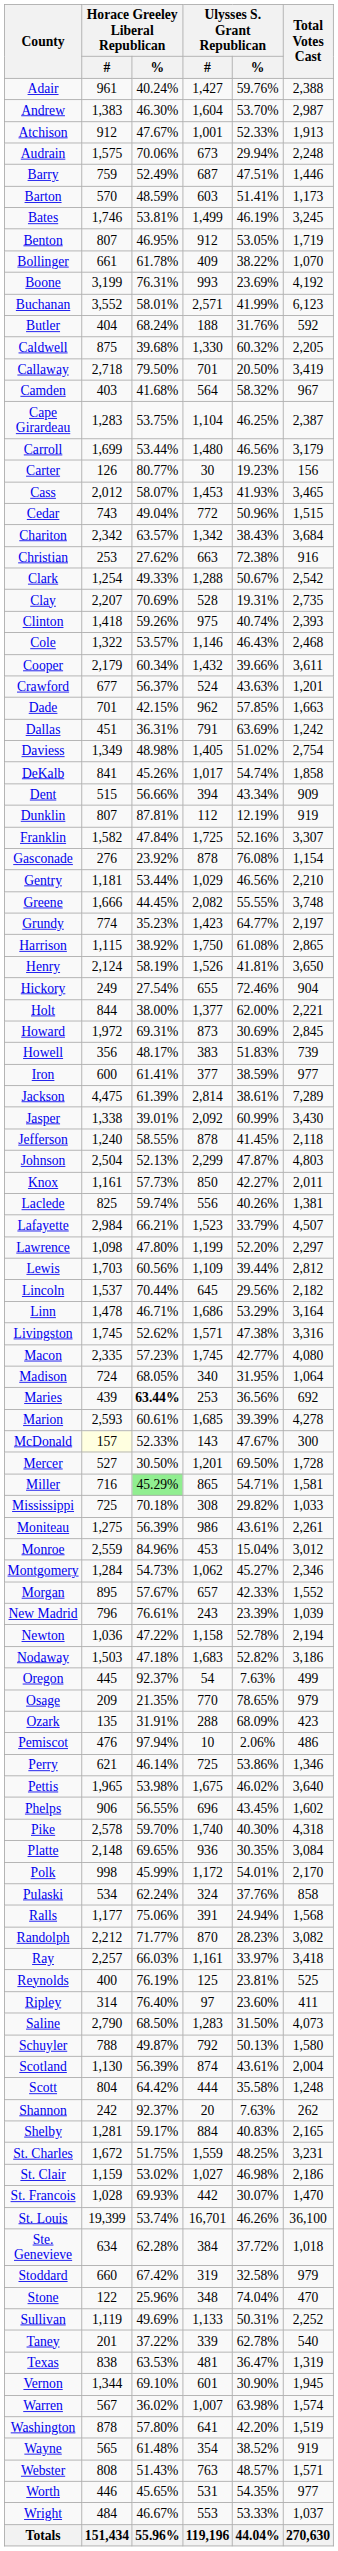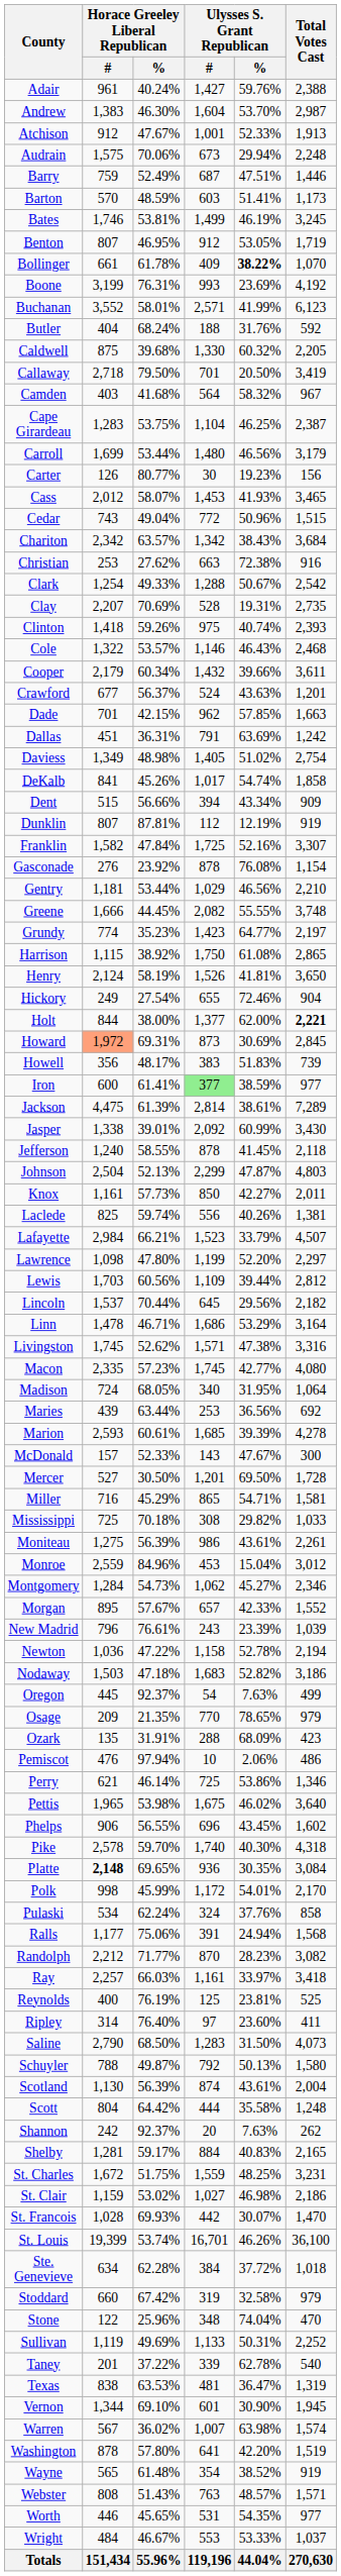 <table class="wikitable sortable" width="60%">
 <tr>
 <th rowspan="2">County</th>
 <th colspan="2">Horace Greeley<br>Liberal Republican</th>
 <th colspan="2">Ulysses S. Grant<br>Republican</th>
 <th rowspan="2">Total Votes Cast</th>
 </tr>
 <tr>
 <th data-sort-type="number" style="text-align:center;">#</th>
 <th data-sort-type="number" style="text-align:center;">%</th>
 <th data-sort-type="number" style="text-align:center;">#</th>
 <th data-sort-type="number" style="text-align:center;">%</th>
 </tr>
 <tr style="text-align:center;">
 <td><a href='#'>Adair</a></td>
 <td>961</td>
 <td>40.24%</td>
 <td>1,427</td>
 <td>59.76%</td>
 <td>2,388</td>
 </tr>
 <tr style="text-align:center;">
 <td><a href='#'>Andrew</a></td>
 <td>1,383</td>
 <td>46.30%</td>
 <td>1,604</td>
 <td>53.70%</td>
 <td>2,987</td>
 </tr>
 <tr style="text-align:center;">
 <td><a href='#'>Atchison</a></td>
 <td>912</td>
 <td>47.67%</td>
 <td>1,001</td>
 <td>52.33%</td>
 <td>1,913</td>
 </tr>
 <tr style="text-align:center;">
 <td><a href='#'>Audrain</a></td>
 <td>1,575</td>
 <td>70.06%</td>
 <td>673</td>
 <td>29.94%</td>
 <td>2,248</td>
 </tr>
 <tr style="text-align:center;">
 <td><a href='#'>Barry</a></td>
 <td>759</td>
 <td>52.49%</td>
 <td>687</td>
 <td>47.51%</td>
 <td>1,446</td>
 </tr>
 <tr style="text-align:center;">
 <td><a href='#'>Barton</a></td>
 <td>570</td>
 <td>48.59%</td>
 <td>603</td>
 <td>51.41%</td>
 <td>1,173</td>
 </tr>
 <tr style="text-align:center;">
 <td><a href='#'>Bates</a></td>
 <td>1,746</td>
 <td>53.81%</td>
 <td>1,499</td>
 <td>46.19%</td>
 <td>3,245</td>
 </tr>
 <tr style="text-align:center;">
 <td><a href='#'>Benton</a></td>
 <td>807</td>
 <td>46.95%</td>
 <td>912</td>
 <td>53.05%</td>
 <td>1,719</td>
 </tr>
 <tr style="text-align:center;">
 <td><a href='#'>Bollinger</a></td>
 <td>661</td>
 <td>61.78%</td>
 <td>409</td>
-<td>38.22%</td>
+<td><strong>38.22%</strong></td>
 <td>1,070</td>
 </tr>
 <tr style="text-align:center;">
 <td><a href='#'>Boone</a></td>
 <td>3,199</td>
 <td>76.31%</td>
 <td>993</td>
 <td>23.69%</td>
 <td>4,192</td>
 </tr>
 <tr style="text-align:center;">
 <td><a href='#'>Buchanan</a></td>
 <td>3,552</td>
 <td>58.01%</td>
 <td>2,571</td>
 <td>41.99%</td>
 <td>6,123</td>
 </tr>
 <tr style="text-align:center;">
 <td><a href='#'>Butler</a></td>
 <td>404</td>
 <td>68.24%</td>
 <td>188</td>
 <td>31.76%</td>
 <td>592</td>
 </tr>
 <tr style="text-align:center;">
 <td><a href='#'>Caldwell</a></td>
 <td>875</td>
 <td>39.68%</td>
 <td>1,330</td>
 <td>60.32%</td>
 <td>2,205</td>
 </tr>
 <tr style="text-align:center;">
 <td><a href='#'>Callaway</a></td>
 <td>2,718</td>
 <td>79.50%</td>
 <td>701</td>
 <td>20.50%</td>
 <td>3,419</td>
 </tr>
 <tr style="text-align:center;">
 <td><a href='#'>Camden</a></td>
 <td>403</td>
 <td>41.68%</td>
 <td>564</td>
 <td>58.32%</td>
 <td>967</td>
 </tr>
 <tr style="text-align:center;">
 <td><a href='#'>Cape Girardeau</a></td>
 <td>1,283</td>
 <td>53.75%</td>
 <td>1,104</td>
 <td>46.25%</td>
 <td>2,387</td>
 </tr>
 <tr style="text-align:center;">
 <td><a href='#'>Carroll</a></td>
 <td>1,699</td>
 <td>53.44%</td>
 <td>1,480</td>
 <td>46.56%</td>
 <td>3,179</td>
 </tr>
 <tr style="text-align:center;">
 <td><a href='#'>Carter</a></td>
 <td>126</td>
 <td>80.77%</td>
 <td>30</td>
 <td>19.23%</td>
 <td>156</td>
 </tr>
 <tr style="text-align:center;">
 <td><a href='#'>Cass</a></td>
 <td>2,012</td>
 <td>58.07%</td>
 <td>1,453</td>
 <td>41.93%</td>
 <td>3,465</td>
 </tr>
 <tr style="text-align:center;">
 <td><a href='#'>Cedar</a></td>
 <td>743</td>
 <td>49.04%</td>
 <td>772</td>
 <td>50.96%</td>
 <td>1,515</td>
 </tr>
 <tr style="text-align:center;">
 <td><a href='#'>Chariton</a></td>
 <td>2,342</td>
 <td>63.57%</td>
 <td>1,342</td>
 <td>38.43%</td>
 <td>3,684</td>
 </tr>
 <tr style="text-align:center;">
 <td><a href='#'>Christian</a></td>
 <td>253</td>
 <td>27.62%</td>
 <td>663</td>
 <td>72.38%</td>
 <td>916</td>
 </tr>
 <tr style="text-align:center;">
 <td><a href='#'>Clark</a></td>
 <td>1,254</td>
 <td>49.33%</td>
 <td>1,288</td>
 <td>50.67%</td>
 <td>2,542</td>
 </tr>
 <tr style="text-align:center;">
 <td><a href='#'>Clay</a></td>
 <td>2,207</td>
 <td>70.69%</td>
 <td>528</td>
 <td>19.31%</td>
 <td>2,735</td>
 </tr>
 <tr style="text-align:center;">
 <td><a href='#'>Clinton</a></td>
 <td>1,418</td>
 <td>59.26%</td>
 <td>975</td>
 <td>40.74%</td>
 <td>2,393</td>
 </tr>
 <tr style="text-align:center;">
 <td><a href='#'>Cole</a></td>
 <td>1,322</td>
 <td>53.57%</td>
 <td>1,146</td>
 <td>46.43%</td>
 <td>2,468</td>
 </tr>
 <tr style="text-align:center;">
 <td><a href='#'>Cooper</a></td>
 <td>2,179</td>
 <td>60.34%</td>
 <td>1,432</td>
 <td>39.66%</td>
 <td>3,611</td>
 </tr>
 <tr style="text-align:center;">
 <td><a href='#'>Crawford</a></td>
 <td>677</td>
 <td>56.37%</td>
 <td>524</td>
 <td>43.63%</td>
 <td>1,201</td>
 </tr>
 <tr style="text-align:center;">
 <td><a href='#'>Dade</a></td>
 <td>701</td>
 <td>42.15%</td>
 <td>962</td>
 <td>57.85%</td>
 <td>1,663</td>
 </tr>
 <tr style="text-align:center;">
 <td><a href='#'>Dallas</a></td>
 <td>451</td>
 <td>36.31%</td>
 <td>791</td>
 <td>63.69%</td>
 <td>1,242</td>
 </tr>
 <tr style="text-align:center;">
 <td><a href='#'>Daviess</a></td>
 <td>1,349</td>
 <td>48.98%</td>
 <td>1,405</td>
 <td>51.02%</td>
 <td>2,754</td>
 </tr>
 <tr style="text-align:center;">
 <td><a href='#'>DeKalb</a></td>
 <td>841</td>
 <td>45.26%</td>
 <td>1,017</td>
 <td>54.74%</td>
 <td>1,858</td>
 </tr>
 <tr style="text-align:center;">
 <td><a href='#'>Dent</a></td>
 <td>515</td>
 <td>56.66%</td>
 <td>394</td>
 <td>43.34%</td>
 <td>909</td>
 </tr>
 <tr style="text-align:center;">
 <td><a href='#'>Dunklin</a></td>
 <td>807</td>
 <td>87.81%</td>
 <td>112</td>
 <td>12.19%</td>
 <td>919</td>
 </tr>
 <tr style="text-align:center;">
 <td><a href='#'>Franklin</a></td>
 <td>1,582</td>
 <td>47.84%</td>
 <td>1,725</td>
 <td>52.16%</td>
 <td>3,307</td>
 </tr>
 <tr style="text-align:center;">
 <td><a href='#'>Gasconade</a></td>
 <td>276</td>
 <td>23.92%</td>
 <td>878</td>
 <td>76.08%</td>
 <td>1,154</td>
 </tr>
 <tr style="text-align:center;">
 <td><a href='#'>Gentry</a></td>
 <td>1,181</td>
 <td>53.44%</td>
 <td>1,029</td>
 <td>46.56%</td>
 <td>2,210</td>
 </tr>
 <tr style="text-align:center;">
 <td><a href='#'>Greene</a></td>
 <td>1,666</td>
 <td>44.45%</td>
 <td>2,082</td>
 <td>55.55%</td>
 <td>3,748</td>
 </tr>
 <tr style="text-align:center;">
 <td><a href='#'>Grundy</a></td>
 <td>774</td>
 <td>35.23%</td>
 <td>1,423</td>
 <td>64.77%</td>
 <td>2,197</td>
 </tr>
 <tr style="text-align:center;">
 <td><a href='#'>Harrison</a></td>
 <td>1,115</td>
 <td>38.92%</td>
 <td>1,750</td>
 <td>61.08%</td>
 <td>2,865</td>
 </tr>
 <tr style="text-align:center;">
 <td><a href='#'>Henry</a></td>
 <td>2,124</td>
 <td>58.19%</td>
 <td>1,526</td>
 <td>41.81%</td>
 <td>3,650</td>
 </tr>
 <tr style="text-align:center;">
 <td><a href='#'>Hickory</a></td>
 <td>249</td>
 <td>27.54%</td>
 <td>655</td>
 <td>72.46%</td>
 <td>904</td>
 </tr>
 <tr style="text-align:center;">
 <td><a href='#'>Holt</a></td>
 <td>844</td>
 <td>38.00%</td>
 <td>1,377</td>
 <td>62.00%</td>
-<td>2,221</td>
+<td><strong>2,221</strong></td>
 </tr>
 <tr style="text-align:center;">
 <td><a href='#'>Howard</a></td>
-<td>1,972</td>
+<td style="background: lightsalmon;">1,972</td>
 <td>69.31%</td>
 <td>873</td>
 <td>30.69%</td>
 <td>2,845</td>
 </tr>
 <tr style="text-align:center;">
 <td><a href='#'>Howell</a></td>
 <td>356</td>
 <td>48.17%</td>
 <td>383</td>
 <td>51.83%</td>
 <td>739</td>
 </tr>
 <tr style="text-align:center;">
 <td><a href='#'>Iron</a></td>
 <td>600</td>
 <td>61.41%</td>
-<td>377</td>
+<td style="background: lightgreen;">377</td>
 <td>38.59%</td>
 <td>977</td>
 </tr>
 <tr style="text-align:center;">
 <td><a href='#'>Jackson</a></td>
 <td>4,475</td>
 <td>61.39%</td>
 <td>2,814</td>
 <td>38.61%</td>
 <td>7,289</td>
 </tr>
 <tr style="text-align:center;">
 <td><a href='#'>Jasper</a></td>
 <td>1,338</td>
 <td>39.01%</td>
 <td>2,092</td>
 <td>60.99%</td>
 <td>3,430</td>
 </tr>
 <tr style="text-align:center;">
 <td><a href='#'>Jefferson</a></td>
 <td>1,240</td>
 <td>58.55%</td>
 <td>878</td>
 <td>41.45%</td>
 <td>2,118</td>
 </tr>
 <tr style="text-align:center;">
 <td><a href='#'>Johnson</a></td>
 <td>2,504</td>
 <td>52.13%</td>
 <td>2,299</td>
 <td>47.87%</td>
 <td>4,803</td>
 </tr>
 <tr style="text-align:center;">
 <td><a href='#'>Knox</a></td>
 <td>1,161</td>
 <td>57.73%</td>
 <td>850</td>
 <td>42.27%</td>
 <td>2,011</td>
 </tr>
 <tr style="text-align:center;">
 <td><a href='#'>Laclede</a></td>
 <td>825</td>
 <td>59.74%</td>
 <td>556</td>
 <td>40.26%</td>
 <td>1,381</td>
 </tr>
 <tr style="text-align:center;">
 <td><a href='#'>Lafayette</a></td>
 <td>2,984</td>
 <td>66.21%</td>
 <td>1,523</td>
 <td>33.79%</td>
 <td>4,507</td>
 </tr>
 <tr style="text-align:center;">
 <td><a href='#'>Lawrence</a></td>
 <td>1,098</td>
 <td>47.80%</td>
 <td>1,199</td>
 <td>52.20%</td>
 <td>2,297</td>
 </tr>
 <tr style="text-align:center;">
 <td><a href='#'>Lewis</a></td>
 <td>1,703</td>
 <td>60.56%</td>
 <td>1,109</td>
 <td>39.44%</td>
 <td>2,812</td>
 </tr>
 <tr style="text-align:center;">
 <td><a href='#'>Lincoln</a></td>
 <td>1,537</td>
 <td>70.44%</td>
 <td>645</td>
 <td>29.56%</td>
 <td>2,182</td>
 </tr>
 <tr style="text-align:center;">
 <td><a href='#'>Linn</a></td>
 <td>1,478</td>
 <td>46.71%</td>
 <td>1,686</td>
 <td>53.29%</td>
 <td>3,164</td>
 </tr>
 <tr style="text-align:center;">
 <td><a href='#'>Livingston</a></td>
 <td>1,745</td>
 <td>52.62%</td>
 <td>1,571</td>
 <td>47.38%</td>
 <td>3,316</td>
 </tr>
 <tr style="text-align:center;">
 <td><a href='#'>Macon</a></td>
 <td>2,335</td>
 <td>57.23%</td>
 <td>1,745</td>
 <td>42.77%</td>
 <td>4,080</td>
 </tr>
 <tr style="text-align:center;">
 <td><a href='#'>Madison</a></td>
 <td>724</td>
 <td>68.05%</td>
 <td>340</td>
 <td>31.95%</td>
 <td>1,064</td>
 </tr>
 <tr style="text-align:center;">
 <td><a href='#'>Maries</a></td>
 <td>439</td>
-<td><strong>63.44%</strong></td>
+<td>63.44%</td>
 <td>253</td>
 <td>36.56%</td>
 <td>692</td>
 </tr>
 <tr style="text-align:center;">
 <td><a href='#'>Marion</a></td>
 <td>2,593</td>
 <td>60.61%</td>
 <td>1,685</td>
 <td>39.39%</td>
 <td>4,278</td>
 </tr>
 <tr style="text-align:center;">
 <td><a href='#'>McDonald</a></td>
-<td style="background: lightyellow;">157</td>
+<td>157</td>
 <td>52.33%</td>
 <td>143</td>
 <td>47.67%</td>
 <td>300</td>
 </tr>
 <tr style="text-align:center;">
 <td><a href='#'>Mercer</a></td>
 <td>527</td>
 <td>30.50%</td>
 <td>1,201</td>
 <td>69.50%</td>
 <td>1,728</td>
 </tr>
 <tr style="text-align:center;">
 <td><a href='#'>Miller</a></td>
 <td>716</td>
-<td style="background: lightgreen;">45.29%</td>
+<td>45.29%</td>
 <td>865</td>
 <td>54.71%</td>
 <td>1,581</td>
 </tr>
 <tr style="text-align:center;">
 <td><a href='#'>Mississippi</a></td>
 <td>725</td>
 <td>70.18%</td>
 <td>308</td>
 <td>29.82%</td>
 <td>1,033</td>
 </tr>
 <tr style="text-align:center;">
 <td><a href='#'>Moniteau</a></td>
 <td>1,275</td>
 <td>56.39%</td>
 <td>986</td>
 <td>43.61%</td>
 <td>2,261</td>
 </tr>
 <tr style="text-align:center;">
 <td><a href='#'>Monroe</a></td>
 <td>2,559</td>
 <td>84.96%</td>
 <td>453</td>
 <td>15.04%</td>
 <td>3,012</td>
 </tr>
 <tr style="text-align:center;">
 <td><a href='#'>Montgomery</a></td>
 <td>1,284</td>
 <td>54.73%</td>
 <td>1,062</td>
 <td>45.27%</td>
 <td>2,346</td>
 </tr>
 <tr style="text-align:center;">
 <td><a href='#'>Morgan</a></td>
 <td>895</td>
 <td>57.67%</td>
 <td>657</td>
 <td>42.33%</td>
 <td>1,552</td>
 </tr>
 <tr style="text-align:center;">
 <td><a href='#'>New Madrid</a></td>
 <td>796</td>
 <td>76.61%</td>
 <td>243</td>
 <td>23.39%</td>
 <td>1,039</td>
 </tr>
 <tr style="text-align:center;">
 <td><a href='#'>Newton</a></td>
 <td>1,036</td>
 <td>47.22%</td>
 <td>1,158</td>
 <td>52.78%</td>
 <td>2,194</td>
 </tr>
 <tr style="text-align:center;">
 <td><a href='#'>Nodaway</a></td>
 <td>1,503</td>
 <td>47.18%</td>
 <td>1,683</td>
 <td>52.82%</td>
 <td>3,186</td>
 </tr>
 <tr style="text-align:center;">
 <td><a href='#'>Oregon</a></td>
 <td>445</td>
 <td>92.37%</td>
 <td>54</td>
 <td>7.63%</td>
 <td>499</td>
 </tr>
 <tr style="text-align:center;">
 <td><a href='#'>Osage</a></td>
 <td>209</td>
 <td>21.35%</td>
 <td>770</td>
 <td>78.65%</td>
 <td>979</td>
 </tr>
 <tr style="text-align:center;">
 <td><a href='#'>Ozark</a></td>
 <td>135</td>
 <td>31.91%</td>
 <td>288</td>
 <td>68.09%</td>
 <td>423</td>
 </tr>
 <tr style="text-align:center;">
 <td><a href='#'>Pemiscot</a></td>
 <td>476</td>
 <td>97.94%</td>
 <td>10</td>
 <td>2.06%</td>
 <td>486</td>
 </tr>
 <tr style="text-align:center;">
 <td><a href='#'>Perry</a></td>
 <td>621</td>
 <td>46.14%</td>
 <td>725</td>
 <td>53.86%</td>
 <td>1,346</td>
 </tr>
 <tr style="text-align:center;">
 <td><a href='#'>Pettis</a></td>
 <td>1,965</td>
 <td>53.98%</td>
 <td>1,675</td>
 <td>46.02%</td>
 <td>3,640</td>
 </tr>
 <tr style="text-align:center;">
 <td><a href='#'>Phelps</a></td>
 <td>906</td>
 <td>56.55%</td>
 <td>696</td>
 <td>43.45%</td>
 <td>1,602</td>
 </tr>
 <tr style="text-align:center;">
 <td><a href='#'>Pike</a></td>
 <td>2,578</td>
 <td>59.70%</td>
 <td>1,740</td>
 <td>40.30%</td>
 <td>4,318</td>
 </tr>
 <tr style="text-align:center;">
 <td><a href='#'>Platte</a></td>
-<td>2,148</td>
+<td><strong>2,148</strong></td>
 <td>69.65%</td>
 <td>936</td>
 <td>30.35%</td>
 <td>3,084</td>
 </tr>
 <tr style="text-align:center;">
 <td><a href='#'>Polk</a></td>
 <td>998</td>
 <td>45.99%</td>
 <td>1,172</td>
 <td>54.01%</td>
 <td>2,170</td>
 </tr>
 <tr style="text-align:center;">
 <td><a href='#'>Pulaski</a></td>
 <td>534</td>
 <td>62.24%</td>
 <td>324</td>
 <td>37.76%</td>
 <td>858</td>
 </tr>
 <tr style="text-align:center;">
 <td><a href='#'>Ralls</a></td>
 <td>1,177</td>
 <td>75.06%</td>
 <td>391</td>
 <td>24.94%</td>
 <td>1,568</td>
 </tr>
 <tr style="text-align:center;">
 <td><a href='#'>Randolph</a></td>
 <td>2,212</td>
 <td>71.77%</td>
 <td>870</td>
 <td>28.23%</td>
 <td>3,082</td>
 </tr>
 <tr style="text-align:center;">
 <td><a href='#'>Ray</a></td>
 <td>2,257</td>
 <td>66.03%</td>
 <td>1,161</td>
 <td>33.97%</td>
 <td>3,418</td>
 </tr>
 <tr style="text-align:center;">
 <td><a href='#'>Reynolds</a></td>
 <td>400</td>
 <td>76.19%</td>
 <td>125</td>
 <td>23.81%</td>
 <td>525</td>
 </tr>
 <tr style="text-align:center;">
 <td><a href='#'>Ripley</a></td>
 <td>314</td>
 <td>76.40%</td>
 <td>97</td>
 <td>23.60%</td>
 <td>411</td>
 </tr>
 <tr style="text-align:center;">
 <td><a href='#'>Saline</a></td>
 <td>2,790</td>
 <td>68.50%</td>
 <td>1,283</td>
 <td>31.50%</td>
 <td>4,073</td>
 </tr>
 <tr style="text-align:center;">
 <td><a href='#'>Schuyler</a></td>
 <td>788</td>
 <td>49.87%</td>
 <td>792</td>
 <td>50.13%</td>
 <td>1,580</td>
 </tr>
 <tr style="text-align:center;">
 <td><a href='#'>Scotland</a></td>
 <td>1,130</td>
 <td>56.39%</td>
 <td>874</td>
 <td>43.61%</td>
 <td>2,004</td>
 </tr>
 <tr style="text-align:center;">
 <td><a href='#'>Scott</a></td>
 <td>804</td>
 <td>64.42%</td>
 <td>444</td>
 <td>35.58%</td>
 <td>1,248</td>
 </tr>
 <tr style="text-align:center;">
 <td><a href='#'>Shannon</a></td>
 <td>242</td>
 <td>92.37%</td>
 <td>20</td>
 <td>7.63%</td>
 <td>262</td>
 </tr>
 <tr style="text-align:center;">
 <td><a href='#'>Shelby</a></td>
 <td>1,281</td>
 <td>59.17%</td>
 <td>884</td>
 <td>40.83%</td>
 <td>2,165</td>
 </tr>
 <tr style="text-align:center;">
 <td><a href='#'>St. Charles</a></td>
 <td>1,672</td>
 <td>51.75%</td>
 <td>1,559</td>
 <td>48.25%</td>
 <td>3,231</td>
 </tr>
 <tr style="text-align:center;">
 <td><a href='#'>St. Clair</a></td>
 <td>1,159</td>
 <td>53.02%</td>
 <td>1,027</td>
 <td>46.98%</td>
 <td>2,186</td>
 </tr>
 <tr style="text-align:center;">
 <td><a href='#'>St. Francois</a></td>
 <td>1,028</td>
 <td>69.93%</td>
 <td>442</td>
 <td>30.07%</td>
 <td>1,470</td>
 </tr>
 <tr style="text-align:center;">
 <td><a href='#'>St. Louis</a></td>
 <td>19,399</td>
 <td>53.74%</td>
 <td>16,701</td>
 <td>46.26%</td>
 <td>36,100</td>
 </tr>
 <tr style="text-align:center;">
 <td><a href='#'>Ste. Genevieve</a></td>
 <td>634</td>
 <td>62.28%</td>
 <td>384</td>
 <td>37.72%</td>
 <td>1,018</td>
 </tr>
 <tr style="text-align:center;">
 <td><a href='#'>Stoddard</a></td>
 <td>660</td>
 <td>67.42%</td>
 <td>319</td>
 <td>32.58%</td>
 <td>979</td>
 </tr>
 <tr style="text-align:center;">
 <td><a href='#'>Stone</a></td>
 <td>122</td>
 <td>25.96%</td>
 <td>348</td>
 <td>74.04%</td>
 <td>470</td>
 </tr>
 <tr style="text-align:center;">
 <td><a href='#'>Sullivan</a></td>
 <td>1,119</td>
 <td>49.69%</td>
 <td>1,133</td>
 <td>50.31%</td>
 <td>2,252</td>
 </tr>
 <tr style="text-align:center;">
 <td><a href='#'>Taney</a></td>
 <td>201</td>
 <td>37.22%</td>
 <td>339</td>
 <td>62.78%</td>
 <td>540</td>
 </tr>
 <tr style="text-align:center;">
 <td><a href='#'>Texas</a></td>
 <td>838</td>
 <td>63.53%</td>
 <td>481</td>
 <td>36.47%</td>
 <td>1,319</td>
 </tr>
 <tr style="text-align:center;">
 <td><a href='#'>Vernon</a></td>
 <td>1,344</td>
 <td>69.10%</td>
 <td>601</td>
 <td>30.90%</td>
 <td>1,945</td>
 </tr>
 <tr style="text-align:center;">
 <td><a href='#'>Warren</a></td>
 <td>567</td>
 <td>36.02%</td>
 <td>1,007</td>
 <td>63.98%</td>
 <td>1,574</td>
 </tr>
 <tr style="text-align:center;">
 <td><a href='#'>Washington</a></td>
 <td>878</td>
 <td>57.80%</td>
 <td>641</td>
 <td>42.20%</td>
 <td>1,519</td>
 </tr>
 <tr style="text-align:center;">
 <td><a href='#'>Wayne</a></td>
 <td>565</td>
 <td>61.48%</td>
 <td>354</td>
 <td>38.52%</td>
 <td>919</td>
 </tr>
 <tr style="text-align:center;">
 <td><a href='#'>Webster</a></td>
 <td>808</td>
 <td>51.43%</td>
 <td>763</td>
 <td>48.57%</td>
 <td>1,571</td>
 </tr>
 <tr style="text-align:center;">
 <td><a href='#'>Worth</a></td>
 <td>446</td>
 <td>45.65%</td>
 <td>531</td>
 <td>54.35%</td>
 <td>977</td>
 </tr>
 <tr style="text-align:center;">
 <td><a href='#'>Wright</a></td>
 <td>484</td>
 <td>46.67%</td>
 <td>553</td>
 <td>53.33%</td>
 <td>1,037</td>
 </tr>
 <tr>
 <th>Totals</th>
 <th>151,434</th>
 <th>55.96%</th>
 <th>119,196</th>
 <th>44.04%</th>
 <th>270,630</th>
 </tr>
 </table>
